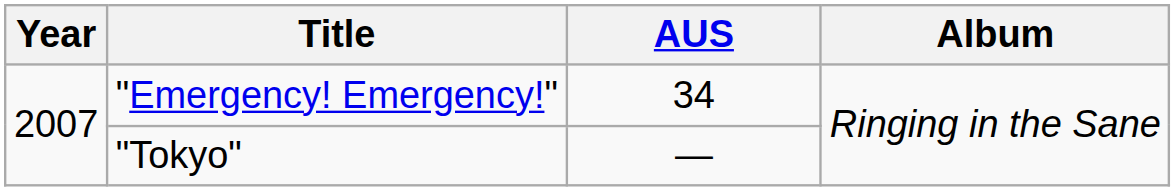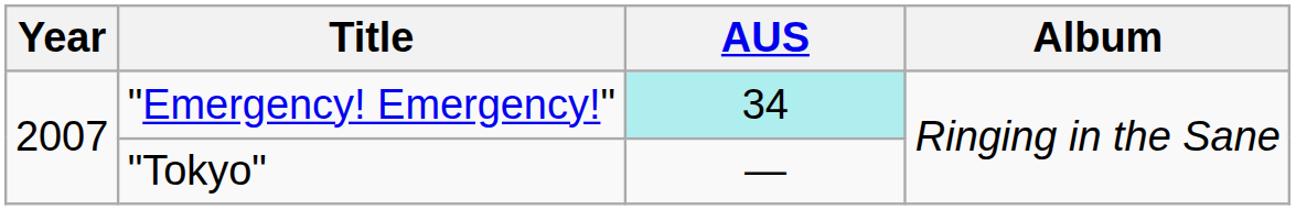 <table class="wikitable">
 <tr>
 <th>Year</th>
 <th>Title</th>
 <th style="width:100px;"><a href='#'>AUS</a><br></th>
 <th>Album</th>
 </tr>
 <tr>
 <td rowspan="2">2007</td>
 <td>"<a href='#'>Emergency! Emergency!</a>"</td>
-<td style="text-align:center;">34</td>
+<td style="background: paleturquoise; text-align:center;">34</td>
 <td rowspan="2"><em>Ringing in the Sane</em></td>
 </tr>
 <tr>
 <td>"Tokyo"</td>
 <td style="text-align:center;">—</td>
 </tr>
 </table>
